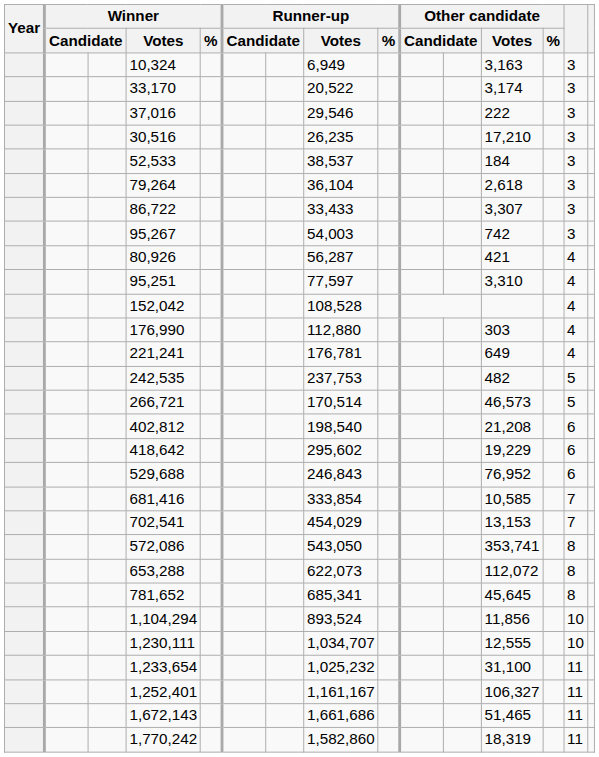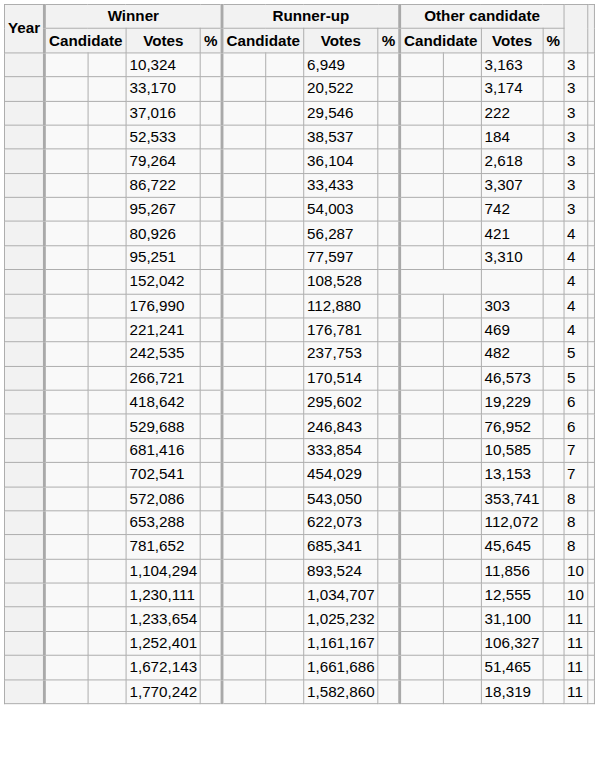 <table class="wikitable sortable">
 <tr>
 <th scope=col rowspan="2">Year</th>
 <th scope="col" style="border-left:3px solid darkgray;" colspan="4">Winner</th>
 <th scope="col" style="border-left:3px solid darkgray;" colspan="4">Runner-up</th>
 <th scope="col" style="border-left:3px solid darkgray;" colspan="4">Other candidate</th>
 <th scope="col" rowspan="2"></th>
 <th scope="col" class="unsortable" rowspan="2"></th>
 </tr>
 <tr>
 <th scope="col" style="border-left:3px solid darkgray;" colspan="2">Candidate</th>
 <th scope="col" data-sort-type="number">Votes</th>
 <th scope="col"  data-sort-type="number">%</th>
 <th scope="col" style="border-left:3px solid darkgray;" colspan="2">Candidate</th>
 <th scope="col"  data-sort-type="number">Votes</th>
 <th scope="col"  data-sort-type="number">%</th>
 <th scope="col"  scope="col" style="border-left:3px solid darkgray;" colspan="2">Candidate</th>
 <th scope="col"  data-sort-type="number">Votes</th>
 <th scope="col"  data-sort-type="number">%</th>
 </tr>
 <tr>
 <th scope="row"> </th>
 <td style="text-align:left; border-left:3px solid darkgray; background-color:"></td>
 <td><strong></strong> </td>
 <td>10,324</td>
 <td></td>
 <td style="text-align:left; border-left:3px solid darkgray; background-color:"></td>
 <td> </td>
 <td>6,949</td>
 <td></td>
 <td style="text-align:left; border-left:3px solid darkgray; background-color:"></td>
 <td> </td>
 <td>3,163</td>
 <td></td>
 <td>3</td>
 <td></td>
 </tr>
 <tr>
 <th scope="row"> </th>
 <td style="text-align:left; border-left:3px solid darkgray; background-color:"></td>
 <td><strong></strong> </td>
 <td>33,170</td>
 <td></td>
 <td style="text-align:left; border-left:3px solid darkgray; background-color:"></td>
 <td> </td>
 <td>20,522</td>
 <td></td>
 <td style="text-align:left; border-left:3px solid darkgray; background-color:"></td>
 <td> </td>
 <td>3,174</td>
 <td></td>
 <td>3</td>
 <td></td>
 </tr>
 <tr>
 <th scope="row"> </th>
 <td style="text-align:left; border-left:3px solid darkgray; background-color:"></td>
 <td><strong></strong>  </td>
 <td>37,016</td>
 <td></td>
 <td style="text-align:left; border-left:3px solid darkgray; background-color:"></td>
 <td> </td>
 <td>29,546</td>
 <td></td>
 <td style="text-align:left; border-left:3px solid darkgray; background-color:"></td>
 <td> </td>
 <td>222</td>
-<td></td>
-<td>3</td>
-<td></td>
-</tr>
-<tr>
-<th scope="row"> </th>
-<td style="text-align:left; border-left:3px solid darkgray; background-color:"></td>
-<td><strong></strong>  </td>
-<td>30,516</td>
-<td></td>
-<td style="text-align:left; border-left:3px solid darkgray; background-color:"></td>
-<td> </td>
-<td>26,235</td>
-<td></td>
-<td style="text-align:left; border-left:3px solid darkgray; background-color:"></td>
-<td> </td>
-<td>17,210</td>
 <td></td>
 <td>3</td>
 <td></td>
 </tr>
 <tr>
 <th scope="row"> </th>
 <td style="text-align:left; border-left:3px solid darkgray; background-color:"></td>
 <td><strong></strong> </td>
 <td>52,533</td>
 <td></td>
 <td style="text-align:left; border-left:3px solid darkgray; background-color:"></td>
 <td> </td>
 <td>38,537</td>
 <td></td>
 <td style="text-align:left; border-left:3px solid darkgray; background-color:"></td>
 <td> </td>
 <td>184</td>
 <td></td>
 <td>3</td>
 <td></td>
 </tr>
 <tr>
 <th scope="row"> </th>
 <td style="text-align:left; border-left:3px solid darkgray; background-color:"></td>
 <td><strong></strong> </td>
 <td>79,264</td>
 <td></td>
 <td style="text-align:left; border-left:3px solid darkgray; background-color:"></td>
 <td> </td>
 <td>36,104</td>
 <td></td>
 <td style="text-align:left; border-left:3px solid darkgray; background-color:"></td>
 <td> </td>
 <td>2,618</td>
 <td></td>
 <td>3</td>
 <td></td>
 </tr>
 <tr>
 <th scope="row"> </th>
 <td style="text-align:left; border-left:3px solid darkgray; background-color:"></td>
 <td><strong></strong> </td>
 <td>86,722</td>
 <td></td>
 <td style="text-align:left; border-left:3px solid darkgray; background-color:"></td>
 <td> </td>
 <td>33,433</td>
 <td></td>
 <td style="text-align:left; border-left:3px solid darkgray; background-color:"></td>
 <td> </td>
 <td>3,307</td>
 <td></td>
 <td>3</td>
 <td></td>
 </tr>
 <tr>
 <th scope="row"></th>
 <td style="text-align:left; border-left:3px solid darkgray; background-color:"></td>
 <td><strong></strong> </td>
 <td>95,267</td>
 <td></td>
 <td style="text-align:left; border-left:3px solid darkgray; background-color:"></td>
 <td> </td>
 <td>54,003</td>
 <td></td>
 <td style="text-align:left; border-left:3px solid darkgray; background-color:"></td>
 <td> </td>
 <td>742</td>
 <td></td>
 <td>3</td>
 <td></td>
 </tr>
 <tr>
 <th scope="row"> </th>
 <td style="text-align:left; border-left:3px solid darkgray; background-color:"></td>
 <td><strong></strong> </td>
 <td>80,926</td>
 <td></td>
 <td style="text-align:left; border-left:3px solid darkgray; background-color:"></td>
 <td> </td>
 <td>56,287</td>
 <td></td>
 <td style="text-align:left; border-left:3px solid darkgray; background-color:"></td>
 <td> </td>
 <td>421</td>
 <td></td>
 <td>4</td>
 <td></td>
 </tr>
 <tr>
 <th scope="row"> </th>
 <td style="text-align:left; border-left:3px solid darkgray; background-color:"></td>
 <td><strong></strong>  </td>
 <td>95,251</td>
 <td></td>
 <td style="text-align:left; border-left:3px solid darkgray; background-color:"></td>
 <td> </td>
 <td>77,597</td>
 <td></td>
 <td style="text-align:left; border-left:3px solid darkgray; background-color:"></td>
 <td> </td>
 <td>3,310</td>
 <td></td>
 <td>4</td>
 <td></td>
 </tr>
 <tr>
 <th scope="row"> </th>
 <td style="text-align:left; border-left:3px solid darkgray; background-color:"></td>
 <td><strong></strong>  </td>
 <td>152,042</td>
 <td></td>
 <td style="text-align:left; border-left:3px solid darkgray; background-color:"></td>
 <td> </td>
 <td>108,528</td>
 <td></td>
 <td colspan="2" style="text-align:left; border-left:3px solid darkgray;"></td>
 <td></td>
 <td></td>
 <td>4</td>
 <td></td>
 </tr>
 <tr>
 <th scope="row"> </th>
 <td style="text-align:left; border-left:3px solid darkgray; background-color:"></td>
 <td><strong></strong>  </td>
 <td>176,990</td>
 <td></td>
 <td style="text-align:left; border-left:3px solid darkgray; background-color:"></td>
 <td> </td>
 <td>112,880</td>
 <td></td>
 <td style="text-align:left; border-left:3px solid darkgray; background-color:"></td>
 <td> </td>
 <td>303</td>
 <td></td>
 <td>4</td>
 <td></td>
 </tr>
 <tr>
 <th scope="row"> </th>
 <td style="text-align:left; border-left:3px solid darkgray; background-color:"></td>
 <td><strong></strong> </td>
 <td>221,241</td>
 <td></td>
 <td style="text-align:left; border-left:3px solid darkgray; background-color:"></td>
 <td>  </td>
 <td>176,781</td>
 <td></td>
 <td style="text-align:left; border-left:3px solid darkgray; background-color:"></td>
 <td> </td>
-<td>649</td>
+<td>469</td>
 <td></td>
 <td>4</td>
 <td></td>
 </tr>
 <tr>
 <th scope="row"> </th>
 <td style="text-align:left; border-left:3px solid darkgray; background-color:"></td>
 <td><strong></strong> </td>
 <td>242,535</td>
 <td></td>
 <td style="text-align:left; border-left:3px solid darkgray; background-color:"></td>
 <td>  </td>
 <td>237,753</td>
 <td></td>
 <td style="text-align:left; border-left:3px solid darkgray; background-color:"></td>
 <td> </td>
 <td>482</td>
 <td></td>
 <td>5</td>
 <td></td>
 </tr>
 <tr>
 <th scope="row"> </th>
 <td style="text-align:left; border-left:3px solid darkgray; background-color:"></td>
 <td><strong></strong>  </td>
 <td>266,721</td>
 <td></td>
 <td style="text-align:left; border-left:3px solid darkgray; background-color:"></td>
 <td> </td>
 <td>170,514</td>
 <td></td>
 <td style="text-align:left; border-left:3px solid darkgray; background-color:"></td>
 <td> </td>
 <td>46,573</td>
 <td></td>
 <td>5</td>
-<td></td>
-</tr>
-<tr>
-<th scope="row"> </th>
-<td style="text-align:left; border-left:3px solid darkgray; background-color:"></td>
-<td><strong></strong>  </td>
-<td>402,812</td>
-<td></td>
-<td style="text-align:left; border-left:3px solid darkgray; background-color:"></td>
-<td> </td>
-<td>198,540</td>
-<td></td>
-<td style="text-align:left; border-left:3px solid darkgray; background-color:"></td>
-<td> </td>
-<td>21,208</td>
-<td></td>
-<td>6</td>
 <td></td>
 </tr>
 <tr>
 <th scope="row"> </th>
 <td style="text-align:left; border-left:3px solid darkgray; background-color:"></td>
 <td><strong></strong> </td>
 <td>418,642</td>
 <td></td>
 <td style="text-align:left; border-left:3px solid darkgray; background-color:"></td>
 <td>  </td>
 <td>295,602</td>
 <td></td>
 <td style="text-align:left; border-left:3px solid darkgray; background:"></td>
 <td> </td>
 <td>19,229</td>
 <td></td>
 <td>6</td>
 <td></td>
 </tr>
 <tr>
 <th scope="row"> </th>
 <td style="text-align:left; border-left:3px solid darkgray; background-color:"></td>
 <td><strong></strong>  </td>
 <td>529,688</td>
 <td></td>
 <td style="text-align:left; border-left:3px solid darkgray; background-color:"></td>
 <td> </td>
 <td>246,843</td>
 <td></td>
 <td style="text-align:left; border-left:3px solid darkgray; background-color:"></td>
 <td> </td>
 <td>76,952</td>
 <td></td>
 <td>6</td>
 <td></td>
 </tr>
 <tr>
 <th scope="row"> </th>
 <td style="text-align:left; border-left:3px solid darkgray; background-color:"></td>
 <td><strong></strong>  </td>
 <td>681,416</td>
 <td></td>
 <td style="text-align:left; border-left:3px solid darkgray; background-color:"></td>
 <td> </td>
 <td>333,854</td>
 <td></td>
 <td style="text-align:left; border-left:3px solid darkgray; background-color:"></td>
 <td> </td>
 <td>10,585</td>
 <td></td>
 <td>7</td>
 <td></td>
 </tr>
 <tr>
 <th scope="row"> </th>
 <td style="text-align:left; border-left:3px solid darkgray; background-color:"></td>
 <td><strong></strong>  </td>
 <td>702,541</td>
 <td></td>
 <td style="text-align:left; border-left:3px solid darkgray; background-color:"></td>
 <td> </td>
 <td>454,029</td>
 <td></td>
 <td style="text-align:left; border-left:3px solid darkgray; background-color:"></td>
 <td> </td>
 <td>13,153</td>
 <td></td>
 <td>7</td>
 <td></td>
 </tr>
 <tr>
 <th scope="row"> </th>
 <td style="text-align:left; border-left:3px solid darkgray; background-color:"></td>
 <td><strong></strong> </td>
 <td>572,086</td>
 <td></td>
 <td style="text-align:left; border-left:3px solid darkgray; background-color:"></td>
 <td>  </td>
 <td>543,050</td>
 <td></td>
 <td style="text-align:left; border-left:3px solid darkgray; background-color:"></td>
 <td> </td>
 <td>353,741</td>
 <td></td>
 <td>8</td>
 <td></td>
 </tr>
 <tr>
 <th scope="row"> </th>
 <td style="text-align:left; border-left:3px solid darkgray; background-color:"></td>
 <td><strong></strong>  </td>
 <td>653,288</td>
 <td></td>
 <td style="text-align:left; border-left:3px solid darkgray; background-color:"></td>
 <td> </td>
 <td>622,073</td>
 <td></td>
 <td style="text-align:left; border-left:3px solid darkgray; background-color:"></td>
 <td> </td>
 <td>112,072</td>
 <td></td>
 <td>8</td>
 <td></td>
 </tr>
 <tr>
 <th scope="row"> </th>
 <td style="text-align:left; border-left:3px solid darkgray; background-color:"></td>
 <td><strong></strong>  </td>
 <td>781,652</td>
 <td></td>
 <td style="text-align:left; border-left:3px solid darkgray; background-color:"></td>
 <td> </td>
 <td>685,341</td>
 <td></td>
 <td style="text-align:left; border-left:3px solid darkgray; background-color:"></td>
 <td> </td>
 <td>45,645</td>
 <td></td>
 <td>8</td>
 <td></td>
 </tr>
 <tr>
 <th scope="row"> </th>
 <td style="text-align:left; border-left:3px solid darkgray; background-color:"></td>
 <td><strong></strong> </td>
 <td>1,104,294</td>
 <td></td>
 <td style="text-align:left; border-left:3px solid darkgray; background-color:"></td>
 <td> </td>
 <td>893,524</td>
 <td></td>
 <td style="text-align:left; border-left:3px solid darkgray; background-color:"></td>
 <td> </td>
 <td>11,856</td>
 <td></td>
 <td>10</td>
 <td></td>
 </tr>
 <tr>
 <th scope="row"> </th>
 <td style="text-align:left; border-left:3px solid darkgray; background-color:"></td>
 <td><strong></strong> </td>
 <td>1,230,111</td>
 <td></td>
 <td style="text-align:left; border-left:3px solid darkgray; background-color:"></td>
 <td> </td>
 <td>1,034,707</td>
 <td></td>
 <td style="text-align:left; border-left:3px solid darkgray; background-color:"></td>
 <td> </td>
 <td>12,555</td>
 <td></td>
 <td>10</td>
 <td></td>
 </tr>
 <tr>
 <th scope="row"> </th>
 <td style="text-align:left; border-left:3px solid darkgray; background-color:"></td>
 <td><strong></strong> </td>
 <td>1,233,654</td>
 <td></td>
 <td style="text-align:left; border-left:3px solid darkgray; background-color:"></td>
 <td> </td>
 <td>1,025,232</td>
 <td></td>
 <td style="text-align:left; border-left:3px solid darkgray; background-color:"></td>
 <td> </td>
 <td>31,100</td>
 <td></td>
 <td>11</td>
 <td></td>
 </tr>
 <tr>
 <th scope="row"> </th>
 <td style="text-align:left; border-left:3px solid darkgray; background-color:"></td>
 <td><strong></strong> </td>
 <td>1,252,401</td>
 <td></td>
 <td style="text-align:left; border-left:3px solid darkgray; background-color:"></td>
 <td> </td>
 <td>1,161,167</td>
 <td></td>
 <td style="text-align:left; border-left:3px solid darkgray; background-color:"></td>
 <td> </td>
 <td>106,327</td>
 <td></td>
 <td>11</td>
 <td></td>
 </tr>
 <tr>
 <th scope="row"> </th>
 <td style="text-align:left; border-left:3px solid darkgray; background-color:"></td>
 <td><strong></strong> </td>
 <td>1,672,143</td>
 <td></td>
 <td style="text-align:left; border-left:3px solid darkgray; background-color:"></td>
 <td> </td>
 <td>1,661,686</td>
 <td></td>
 <td style="text-align:left; border-left:3px solid darkgray; background-color:"></td>
 <td> </td>
 <td>51,465</td>
 <td></td>
 <td>11</td>
 <td></td>
 </tr>
 <tr>
 <th scope="row"> </th>
 <td style="text-align:left; border-left:3px solid darkgray; background-color:"></td>
 <td><strong></strong> </td>
 <td>1,770,242</td>
 <td></td>
 <td style="text-align:left; border-left:3px solid darkgray; background-color:"></td>
 <td> </td>
 <td>1,582,860</td>
 <td></td>
 <td style="text-align:left; border-left:3px solid darkgray; background-color:"></td>
 <td> </td>
 <td>18,319</td>
 <td></td>
 <td>11</td>
 <td></td>
 </tr>
 </table>
